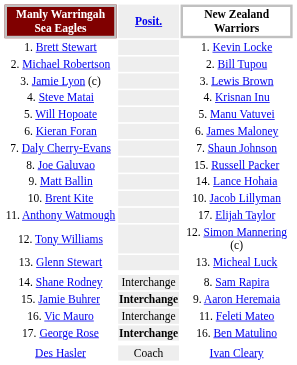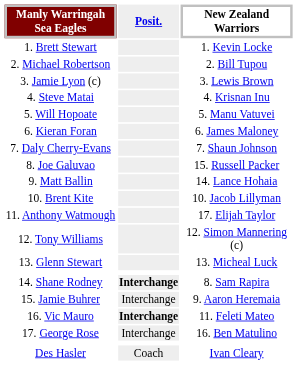 <table style="float:right; font-size:90%; margin-left:1em;">
 <tr style="background:#eee;">
 <th align="center" width="132" style="border: 3px solid silver; background: maroon; color: white">Manly Warringah<br>Sea Eagles</th>
 <th style="text-align:center;"><a href='#'>Posit.</a></th>
 <th align="center" width="132" style="border: 3px solid silver; background: white; color: black">New Zealand<br>Warriors</th>
 </tr>
 <tr>
 <td align="center">1. <a href='#'>Brett Stewart</a></td>
 <td align="center" style="background: #eeeeee"></td>
 <td align="center">1. <a href='#'>Kevin Locke</a></td>
 </tr>
 <tr>
 <td align="center">2. <a href='#'>Michael Robertson</a></td>
 <td align="center" style="background: #eeeeee"></td>
 <td align="center">2. <a href='#'>Bill Tupou</a></td>
 </tr>
 <tr>
 <td align="center">3. <a href='#'>Jamie Lyon</a> (c)</td>
 <td align="center" style="background: #eeeeee"></td>
 <td align="center">3. <a href='#'>Lewis Brown</a></td>
 </tr>
 <tr>
 <td align="center">4. <a href='#'>Steve Matai</a></td>
 <td align="center" style="background: #eeeeee"></td>
 <td align="center">4. <a href='#'>Krisnan Inu</a></td>
 </tr>
 <tr>
 <td align="center">5. <a href='#'>Will Hopoate</a></td>
 <td align="center" style="background: #eeeeee"></td>
 <td align="center">5. <a href='#'>Manu Vatuvei</a></td>
 </tr>
 <tr>
 <td align="center">6. <a href='#'>Kieran Foran</a></td>
 <td align="center" style="background: #eeeeee"></td>
 <td align="center">6. <a href='#'>James Maloney</a></td>
 </tr>
 <tr>
 <td align="center">7. <a href='#'>Daly Cherry-Evans</a></td>
 <td align="center" style="background: #eeeeee"></td>
 <td align="center">7. <a href='#'>Shaun Johnson</a></td>
 </tr>
 <tr>
 <td align="center">8. <a href='#'>Joe Galuvao</a></td>
 <td align="center" style="background: #eeeeee"></td>
 <td align="center">15. <a href='#'>Russell Packer</a></td>
 </tr>
 <tr>
 <td align="center">9. <a href='#'>Matt Ballin</a></td>
 <td align="center" style="background: #eeeeee"></td>
 <td align="center">14. <a href='#'>Lance Hohaia</a></td>
 </tr>
 <tr>
 <td align="center">10. <a href='#'>Brent Kite</a></td>
 <td align="center" style="background: #eeeeee"></td>
 <td align="center">10. <a href='#'>Jacob Lillyman</a></td>
 </tr>
 <tr>
 <td align="center">11. <a href='#'>Anthony Watmough</a></td>
 <td align="center" style="background: #eeeeee"></td>
 <td align="center">17. <a href='#'>Elijah Taylor</a></td>
 </tr>
 <tr>
 <td align="center">12. <a href='#'>Tony Williams</a></td>
 <td align="center" style="background: #eeeeee"></td>
 <td align="center">12. <a href='#'>Simon Mannering</a> (c)</td>
 </tr>
 <tr>
 <td align="center">13. <a href='#'>Glenn Stewart</a></td>
 <td align="center" style="background: #eeeeee"></td>
 <td align="center">13. <a href='#'>Micheal Luck</a></td>
 </tr>
 <tr>
 <td></td>
 </tr>
 <tr>
 <td align="center">14. <a href='#'>Shane Rodney</a></td>
-<td align="center" style="background: #eeeeee">Interchange</td>
+<td align="center" style="background: #eeeeee"><strong>Interchange</strong></td>
 <td align="center">8. <a href='#'>Sam Rapira</a></td>
 </tr>
 <tr>
 <td align="center">15. <a href='#'>Jamie Buhrer</a></td>
-<td align="center" style="background: #eeeeee"><strong>Interchange</strong></td>
+<td align="center" style="background: #eeeeee">Interchange</td>
 <td align="center">9. <a href='#'>Aaron Heremaia</a></td>
 </tr>
 <tr>
 <td align="center">16. <a href='#'>Vic Mauro</a></td>
-<td align="center" style="background: #eeeeee">Interchange</td>
+<td align="center" style="background: #eeeeee"><strong>Interchange</strong></td>
 <td align="center">11. <a href='#'>Feleti Mateo</a></td>
 </tr>
 <tr>
 <td align="center">17. <a href='#'>George Rose</a></td>
-<td align="center" style="background: #eeeeee"><strong>Interchange</strong></td>
+<td align="center" style="background: #eeeeee">Interchange</td>
 <td align="center">16. <a href='#'>Ben Matulino</a></td>
 </tr>
 <tr>
 <td></td>
 </tr>
 <tr>
 <td align="center"><a href='#'>Des Hasler</a></td>
 <td align="center" style="background: #eeeeee">Coach</td>
 <td align="center"><a href='#'>Ivan Cleary</a></td>
 </tr>
 </table>
